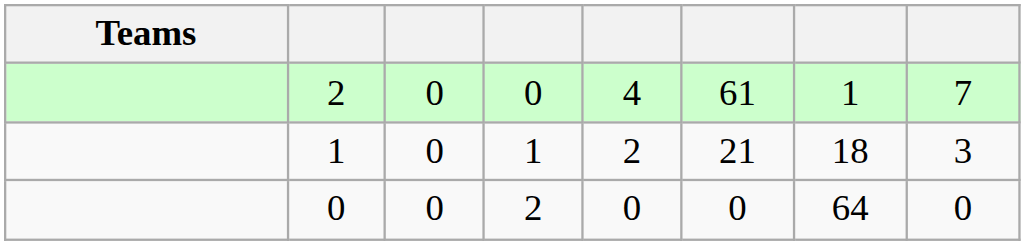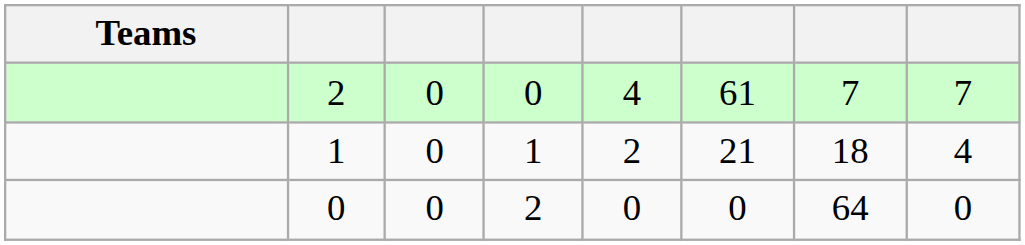 <table class="wikitable" width="50%" style="text-align:center;">
 <tr>
 <th width="20%">Teams</th>
 <th width="7%"></th>
 <th width="7%"></th>
 <th width="7%"></th>
 <th width="7%"></th>
 <th width="8%"></th>
 <th width="8%"></th>
 <th width="8%"></th>
 </tr>
 <tr bgcolor="ccffcc">
 <td align=left></td>
 <td>2</td>
 <td>0</td>
 <td>0</td>
 <td>4</td>
 <td>61</td>
-<td>1</td>
+<td>7</td>
 <td>7</td>
 </tr>
 <tr>
 <td align=left></td>
 <td>1</td>
 <td>0</td>
 <td>1</td>
 <td>2</td>
 <td>21</td>
 <td>18</td>
-<td>3</td>
+<td>4</td>
 </tr>
 <tr>
 <td align=left></td>
 <td>0</td>
 <td>0</td>
 <td>2</td>
 <td>0</td>
 <td>0</td>
 <td>64</td>
 <td>0</td>
 </tr>
 </table>
